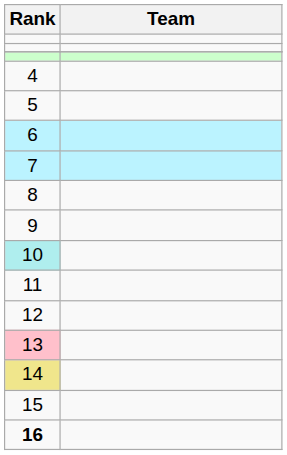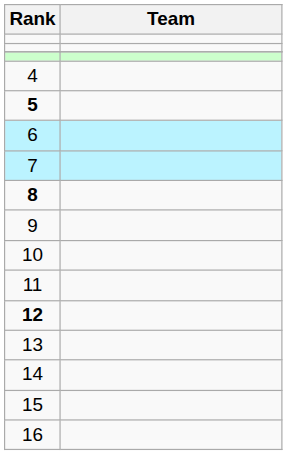 <table class="wikitable" style="text-align:center">
 <tr>
 <th width=40>Rank</th>
 <th width=180>Team</th>
 </tr>
 <tr>
 <td></td>
 <td style="text-align:left"></td>
 </tr>
 <tr>
 <td></td>
 <td style="text-align:left"></td>
 </tr>
 <tr>
 </tr>
 <tr bgcolor=#ccffcc>
 <td></td>
 <td style="text-align:left"></td>
 </tr>
 <tr>
 <td>4</td>
 <td style="text-align:left"></td>
 </tr>
 <tr>
-<td>5</td>
+<td><strong>5</strong></td>
 <td style="text-align:left"></td>
 </tr>
 <tr style="background: #BBF3FF;">
 <td>6</td>
 <td style="text-align:left"></td>
 </tr>
 <tr style="background: #BBF3FF;">
 <td>7</td>
 <td style="text-align:left"></td>
 </tr>
 <tr>
-<td>8</td>
+<td><strong>8</strong></td>
 <td style="text-align:left"></td>
 </tr>
 <tr>
 <td>9</td>
 <td style="text-align:left"></td>
 </tr>
 <tr>
-<td style="background: paleturquoise;">10</td>
+<td>10</td>
 <td style="text-align:left"></td>
 </tr>
 <tr>
 <td>11</td>
 <td style="text-align:left"></td>
 </tr>
 <tr>
-<td>12</td>
+<td><strong>12</strong></td>
 <td style="text-align:left"></td>
 </tr>
 <tr>
-<td style="background: pink;">13</td>
+<td>13</td>
 <td style="text-align:left"></td>
 </tr>
 <tr>
-<td style="background: khaki;">14</td>
+<td>14</td>
 <td style="text-align:left"></td>
 </tr>
 <tr>
 <td>15</td>
 <td style="text-align:left"></td>
 </tr>
 <tr>
-<td><strong>16</strong></td>
+<td>16</td>
 <td style="text-align:left"></td>
 </tr>
 </table>
